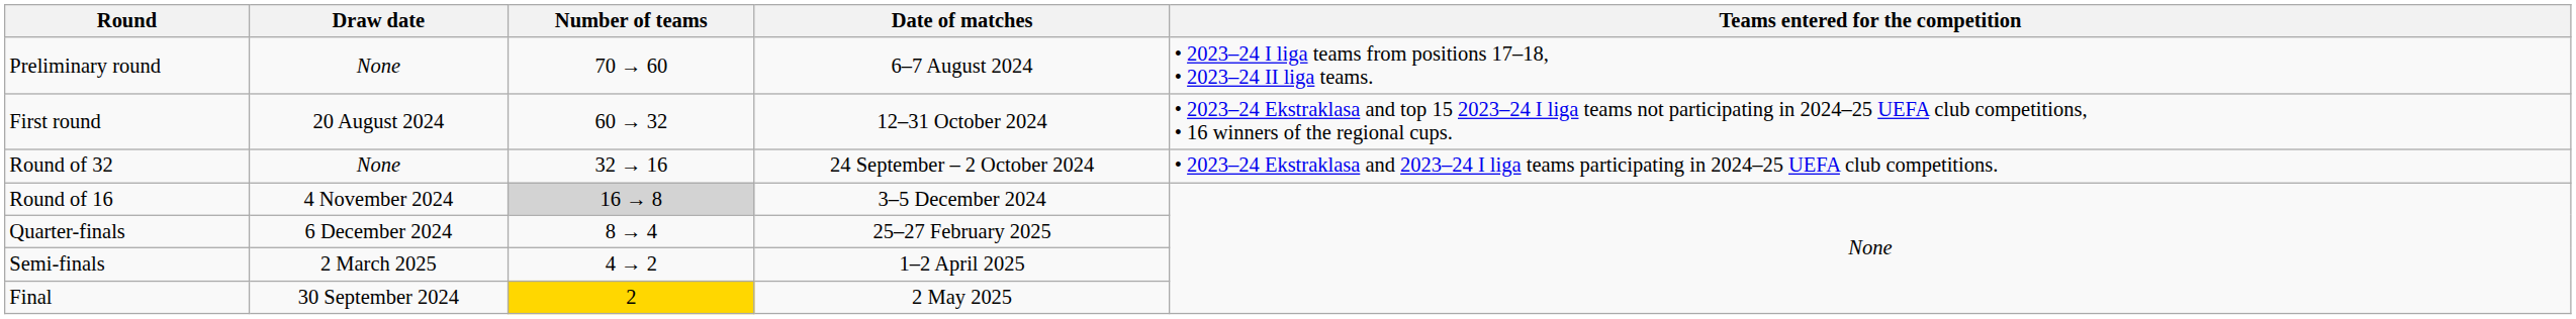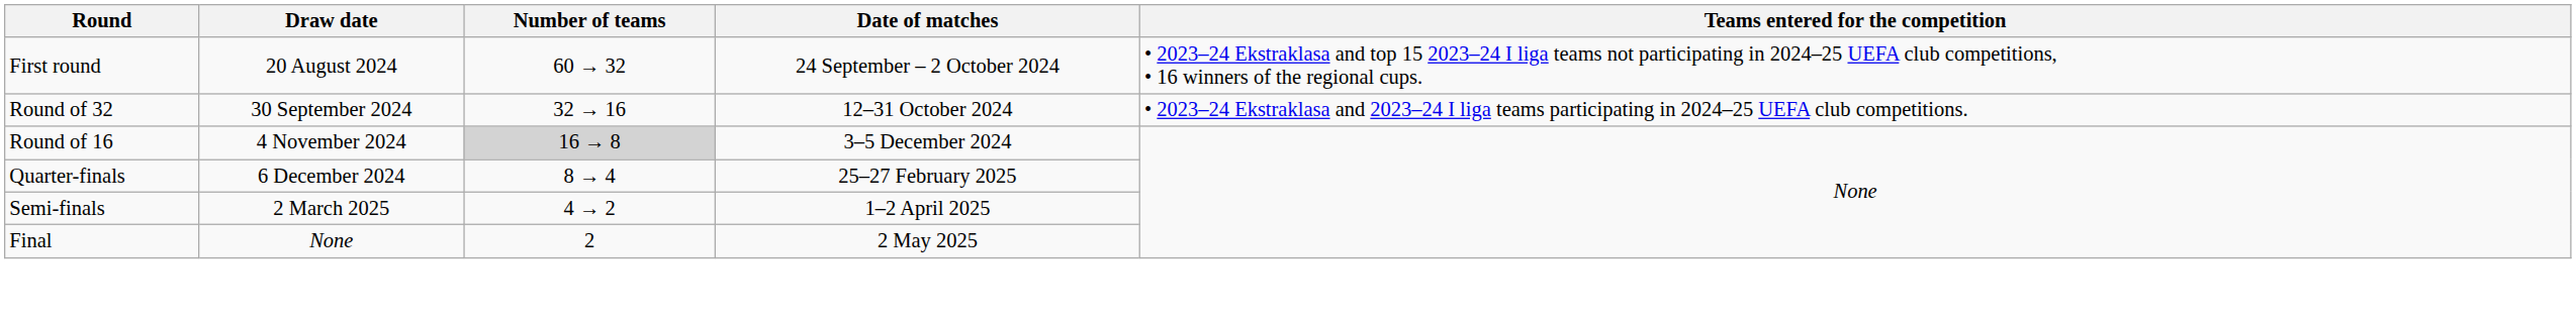 <table class="wikitable" style="width:100%; text–align:right">
 <tr>
 <th>Round</th>
 <th>Draw date</th>
 <th>Number of teams</th>
 <th>Date of matches</th>
 <th>Teams entered for the competition</th>
 </tr>
 <tr>
-<td align="left">Preliminary round</td>
-<td align="center"><em>None</em></td>
-<td align="center">70 → 60</td>
-<td align="center">6–7 August 2024</td>
-<td align="left">• <a href='#'>2023–24 I liga</a> teams from positions 17–18,<br>• <a href='#'>2023–24 II liga</a> teams.</td>
-</tr>
-<tr>
 <td align="left">First round</td>
 <td align="center">20 August 2024</td>
 <td align="center">60 → 32</td>
-<td align="center">12–31 October 2024</td>
+<td align="center">24 September – 2 October 2024</td>
 <td align="left">• <a href='#'>2023–24 Ekstraklasa</a> and top 15 <a href='#'>2023–24 I liga</a> teams not participating in 2024–25 <a href='#'>UEFA</a> club competitions,<br>• 16 winners of the regional cups.</td>
 </tr>
 <tr>
 <td align="left">Round of 32</td>
-<td align="center"><em>None</em></td>
+<td align="center">30 September 2024</td>
 <td align="center">32 → 16</td>
-<td align="center">24 September – 2 October 2024</td>
+<td align="center">12–31 October 2024</td>
 <td align="left">• <a href='#'>2023–24 Ekstraklasa</a> and <a href='#'>2023–24 I liga</a> teams participating in 2024–25 <a href='#'>UEFA</a> club competitions.</td>
 </tr>
 <tr>
 <td align="left">Round of 16</td>
 <td align="center">4 November 2024</td>
 <td align="center" style="background: lightgrey;">16 → 8</td>
 <td align="center">3–5 December 2024</td>
 <td rowspan="4" align="center"><em>None</em></td>
 </tr>
 <tr>
 <td align="left">Quarter-finals</td>
 <td align="center">6 December 2024</td>
 <td align="center">8 → 4</td>
 <td align="center">25–27 February 2025</td>
 </tr>
 <tr>
 <td align="left">Semi-finals</td>
 <td align="center">2 March 2025</td>
 <td align="center">4 → 2</td>
 <td align="center">1–2 April 2025</td>
 </tr>
 <tr>
 <td align="left">Final</td>
-<td align="center">30 September 2024</td>
-<td align="center" style="background: gold;">2</td>
+<td align="center"><em>None</em></td>
+<td align="center">2</td>
 <td align="center">2 May 2025</td>
 </tr>
 </table>
